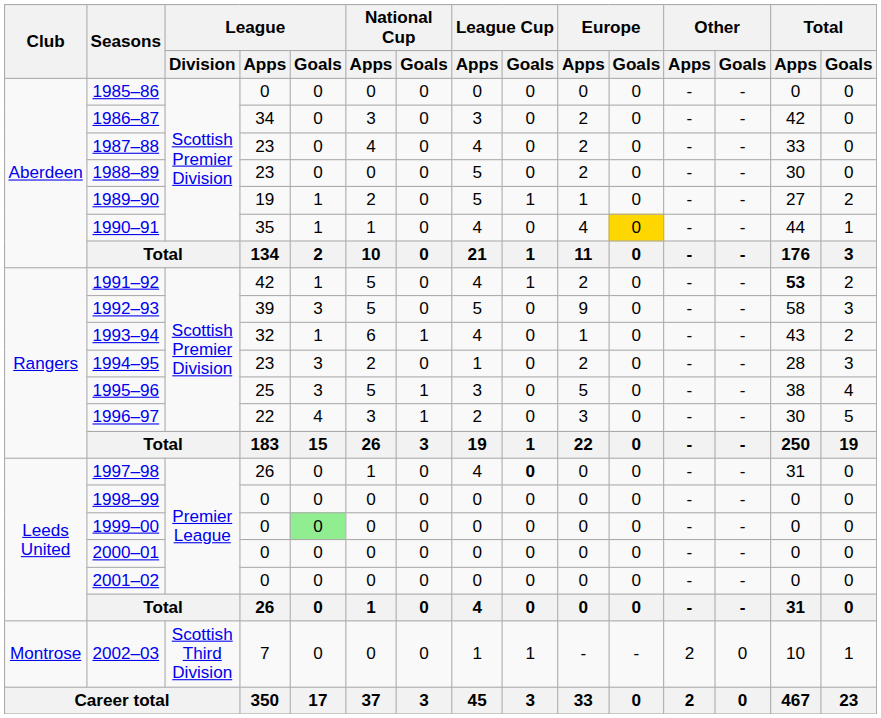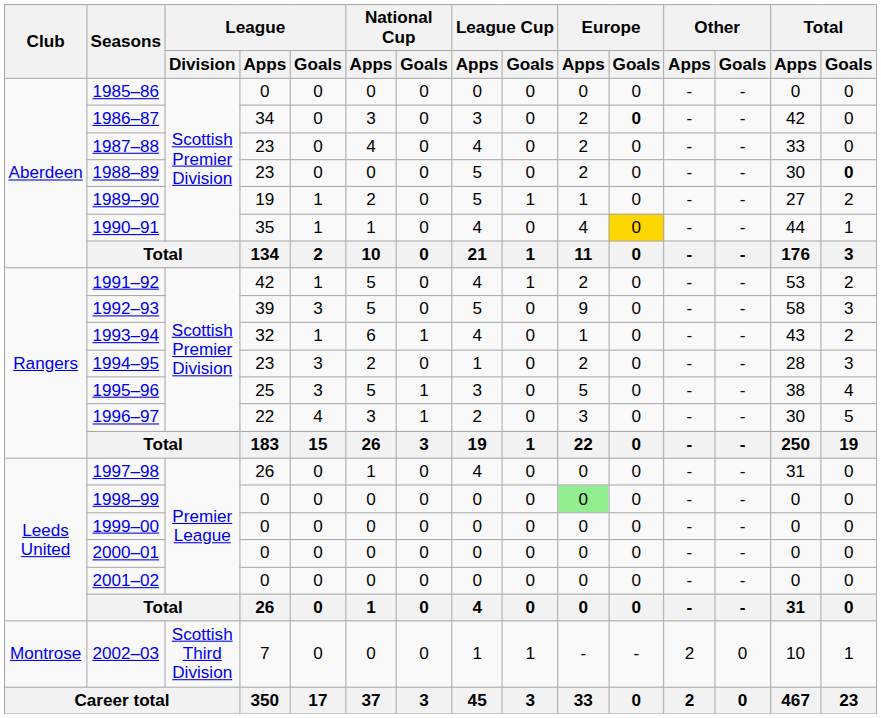 <table class="wikitable" style="text-align:center">
 <tr>
 <th rowspan="2">Club</th>
 <th rowspan="2">Seasons</th>
 <th colspan="3">League</th>
 <th colspan="2">National Cup</th>
 <th colspan="2">League Cup</th>
 <th colspan="2">Europe</th>
 <th colspan="2">Other</th>
 <th colspan="2">Total</th>
 </tr>
 <tr>
 <th>Division</th>
 <th>Apps</th>
 <th>Goals</th>
 <th>Apps</th>
 <th>Goals</th>
 <th>Apps</th>
 <th>Goals</th>
 <th>Apps</th>
 <th>Goals</th>
 <th>Apps</th>
 <th>Goals</th>
 <th>Apps</th>
 <th>Goals</th>
 </tr>
 <tr>
 <td rowspan="7"><a href='#'>Aberdeen</a></td>
 <td><a href='#'>1985–86</a></td>
 <td rowspan="6"><a href='#'>Scottish Premier Division</a></td>
 <td>0</td>
 <td>0</td>
 <td>0</td>
 <td>0</td>
 <td>0</td>
 <td>0</td>
 <td>0</td>
 <td>0</td>
 <td>-</td>
 <td>-</td>
 <td>0</td>
 <td>0</td>
 </tr>
 <tr>
 <td><a href='#'>1986–87</a></td>
 <td>34</td>
 <td>0</td>
 <td>3</td>
 <td>0</td>
 <td>3</td>
 <td>0</td>
 <td>2</td>
-<td>0</td>
+<td><strong>0</strong></td>
 <td>-</td>
 <td>-</td>
 <td>42</td>
 <td>0</td>
 </tr>
 <tr>
 <td><a href='#'>1987–88</a></td>
 <td>23</td>
 <td>0</td>
 <td>4</td>
 <td>0</td>
 <td>4</td>
 <td>0</td>
 <td>2</td>
 <td>0</td>
 <td>-</td>
 <td>-</td>
 <td>33</td>
 <td>0</td>
 </tr>
 <tr>
 <td><a href='#'>1988–89</a></td>
 <td>23</td>
 <td>0</td>
 <td>0</td>
 <td>0</td>
 <td>5</td>
 <td>0</td>
 <td>2</td>
 <td>0</td>
 <td>-</td>
 <td>-</td>
 <td>30</td>
-<td>0</td>
+<td><strong>0</strong></td>
 </tr>
 <tr>
 <td><a href='#'>1989–90</a></td>
 <td>19</td>
 <td>1</td>
 <td>2</td>
 <td>0</td>
 <td>5</td>
 <td>1</td>
 <td>1</td>
 <td>0</td>
 <td>-</td>
 <td>-</td>
 <td>27</td>
 <td>2</td>
 </tr>
 <tr>
 <td><a href='#'>1990–91</a></td>
 <td>35</td>
 <td>1</td>
 <td>1</td>
 <td>0</td>
 <td>4</td>
 <td>0</td>
 <td>4</td>
 <td style="background: gold;">0</td>
 <td>-</td>
 <td>-</td>
 <td>44</td>
 <td>1</td>
 </tr>
 <tr>
 <th colspan="2">Total</th>
 <th>134</th>
 <th>2</th>
 <th>10</th>
 <th>0</th>
 <th>21</th>
 <th>1</th>
 <th>11</th>
 <th>0</th>
 <th>-</th>
 <th>-</th>
 <th>176</th>
 <th>3</th>
 </tr>
 <tr>
 <td rowspan="7"><a href='#'>Rangers</a></td>
 <td><a href='#'>1991–92</a></td>
 <td rowspan="6"><a href='#'>Scottish Premier Division</a></td>
 <td>42</td>
 <td>1</td>
 <td>5</td>
 <td>0</td>
 <td>4</td>
 <td>1</td>
 <td>2</td>
 <td>0</td>
 <td>-</td>
 <td>-</td>
-<td><strong>53</strong></td>
+<td>53</td>
 <td>2</td>
 </tr>
 <tr>
 <td><a href='#'>1992–93</a></td>
 <td>39</td>
 <td>3</td>
 <td>5</td>
 <td>0</td>
 <td>5</td>
 <td>0</td>
 <td>9</td>
 <td>0</td>
 <td>-</td>
 <td>-</td>
 <td>58</td>
 <td>3</td>
 </tr>
 <tr>
 <td><a href='#'>1993–94</a></td>
 <td>32</td>
 <td>1</td>
 <td>6</td>
 <td>1</td>
 <td>4</td>
 <td>0</td>
 <td>1</td>
 <td>0</td>
 <td>-</td>
 <td>-</td>
 <td>43</td>
 <td>2</td>
 </tr>
 <tr>
 <td><a href='#'>1994–95</a></td>
 <td>23</td>
 <td>3</td>
 <td>2</td>
 <td>0</td>
 <td>1</td>
 <td>0</td>
 <td>2</td>
 <td>0</td>
 <td>-</td>
 <td>-</td>
 <td>28</td>
 <td>3</td>
 </tr>
 <tr>
 <td><a href='#'>1995–96</a></td>
 <td>25</td>
 <td>3</td>
 <td>5</td>
 <td>1</td>
 <td>3</td>
 <td>0</td>
 <td>5</td>
 <td>0</td>
 <td>-</td>
 <td>-</td>
 <td>38</td>
 <td>4</td>
 </tr>
 <tr>
 <td><a href='#'>1996–97</a></td>
 <td>22</td>
 <td>4</td>
 <td>3</td>
 <td>1</td>
 <td>2</td>
 <td>0</td>
 <td>3</td>
 <td>0</td>
 <td>-</td>
 <td>-</td>
 <td>30</td>
 <td>5</td>
 </tr>
 <tr>
 <th colspan="2">Total</th>
 <th>183</th>
 <th>15</th>
 <th>26</th>
 <th>3</th>
 <th>19</th>
 <th>1</th>
 <th>22</th>
 <th>0</th>
 <th>-</th>
 <th>-</th>
 <th>250</th>
 <th>19</th>
 </tr>
 <tr>
 <td rowspan="6"><a href='#'>Leeds United</a></td>
 <td><a href='#'>1997–98</a></td>
 <td rowspan="5"><a href='#'>Premier League</a></td>
 <td>26</td>
 <td>0</td>
 <td>1</td>
 <td>0</td>
 <td>4</td>
-<td><strong>0</strong></td>
+<td>0</td>
 <td>0</td>
 <td>0</td>
 <td>-</td>
 <td>-</td>
 <td>31</td>
 <td>0</td>
 </tr>
 <tr>
 <td><a href='#'>1998–99</a></td>
 <td>0</td>
 <td>0</td>
 <td>0</td>
 <td>0</td>
 <td>0</td>
 <td>0</td>
-<td>0</td>
+<td style="background: lightgreen;">0</td>
 <td>0</td>
 <td>-</td>
 <td>-</td>
 <td>0</td>
 <td>0</td>
 </tr>
 <tr>
 <td><a href='#'>1999–00</a></td>
 <td>0</td>
-<td style="background: lightgreen;">0</td>
+<td>0</td>
 <td>0</td>
 <td>0</td>
 <td>0</td>
 <td>0</td>
 <td>0</td>
 <td>0</td>
 <td>-</td>
 <td>-</td>
 <td>0</td>
 <td>0</td>
 </tr>
 <tr>
 <td><a href='#'>2000–01</a></td>
 <td>0</td>
 <td>0</td>
 <td>0</td>
 <td>0</td>
 <td>0</td>
 <td>0</td>
 <td>0</td>
 <td>0</td>
 <td>-</td>
 <td>-</td>
 <td>0</td>
 <td>0</td>
 </tr>
 <tr>
 <td><a href='#'>2001–02</a></td>
 <td>0</td>
 <td>0</td>
 <td>0</td>
 <td>0</td>
 <td>0</td>
 <td>0</td>
 <td>0</td>
 <td>0</td>
 <td>-</td>
 <td>-</td>
 <td>0</td>
 <td>0</td>
 </tr>
 <tr>
 <th colspan="2">Total</th>
 <th>26</th>
 <th>0</th>
 <th>1</th>
 <th>0</th>
 <th>4</th>
 <th>0</th>
 <th>0</th>
 <th>0</th>
 <th>-</th>
 <th>-</th>
 <th>31</th>
 <th>0</th>
 </tr>
 <tr>
 <td><a href='#'>Montrose</a></td>
 <td><a href='#'>2002–03</a></td>
 <td><a href='#'>Scottish Third Division</a></td>
 <td>7</td>
 <td>0</td>
 <td>0</td>
 <td>0</td>
 <td>1</td>
 <td>1</td>
 <td>-</td>
 <td>-</td>
 <td>2</td>
 <td>0</td>
 <td>10</td>
 <td>1</td>
 </tr>
 <tr>
 <th colspan="3">Career total</th>
 <th>350</th>
 <th>17</th>
 <th>37</th>
 <th>3</th>
 <th>45</th>
 <th>3</th>
 <th>33</th>
 <th>0</th>
 <th>2</th>
 <th>0</th>
 <th>467</th>
 <th>23</th>
 </tr>
 </table>
